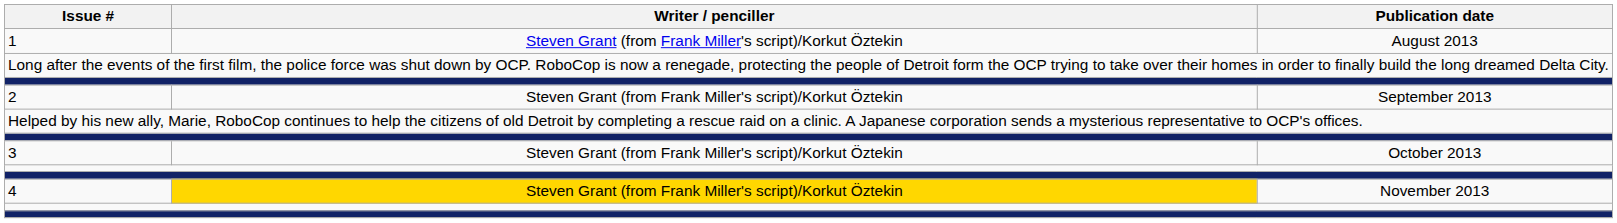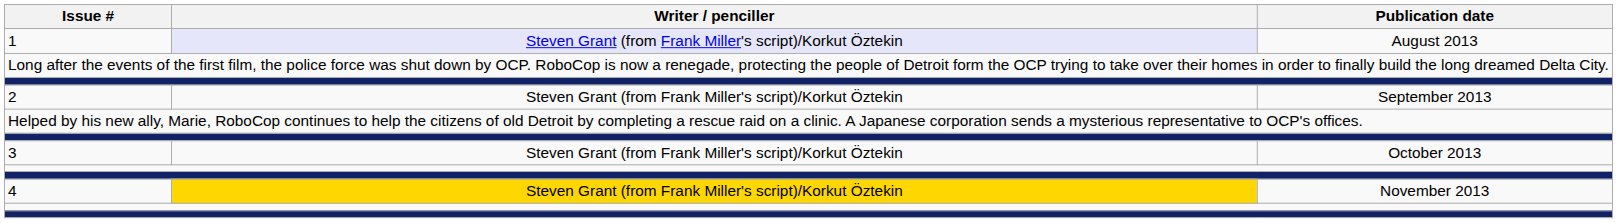 <table class="wikitable">
 <tr>
 <th>Issue #</th>
 <th>Writer / penciller</th>
 <th>Publication date</th>
 </tr>
 <tr>
 <td>1</td>
-<td align="center"><a href='#'>Steven Grant</a> (from <a href='#'>Frank Miller</a>'s script)/Korkut Öztekin</td>
+<td align="center" style="background: lavender;"><a href='#'>Steven Grant</a> (from <a href='#'>Frank Miller</a>'s script)/Korkut Öztekin</td>
 <td align="center">August 2013</td>
 </tr>
 <tr>
 <td colspan="6">Long after the events of the first film, the police force was shut down by OCP. RoboCop is now a renegade, protecting the people of Detroit form the OCP trying to take over their homes in order to finally build the long dreamed Delta City.</td>
 </tr>
 <tr>
 <td colspan="6" bgcolor="#112266"></td>
 </tr>
 <tr>
 <td>2</td>
 <td align="center">Steven Grant (from Frank Miller's script)/Korkut Öztekin</td>
 <td align="center">September 2013</td>
 </tr>
 <tr>
 <td colspan="6">Helped by his new ally, Marie, RoboCop continues to help the citizens of old Detroit by completing a rescue raid on a clinic.  A Japanese corporation sends a mysterious representative to OCP's offices.</td>
 </tr>
 <tr>
 <td colspan="6" bgcolor="#112266"></td>
 </tr>
 <tr>
 <td>3</td>
 <td align="center">Steven Grant (from Frank Miller's script)/Korkut Öztekin</td>
 <td align="center">October 2013</td>
 </tr>
 <tr>
 <td colspan="6"></td>
 </tr>
 <tr>
 <td colspan="6" bgcolor="#112266"></td>
 </tr>
 <tr>
 <td>4</td>
 <td align="center" style="background: gold;">Steven Grant (from Frank Miller's script)/Korkut Öztekin</td>
 <td align="center">November 2013</td>
 </tr>
 <tr>
 <td colspan="6"></td>
 </tr>
 <tr>
 <td colspan="6" bgcolor="#112266"></td>
 </tr>
 <tr>
 </tr>
 </table>
